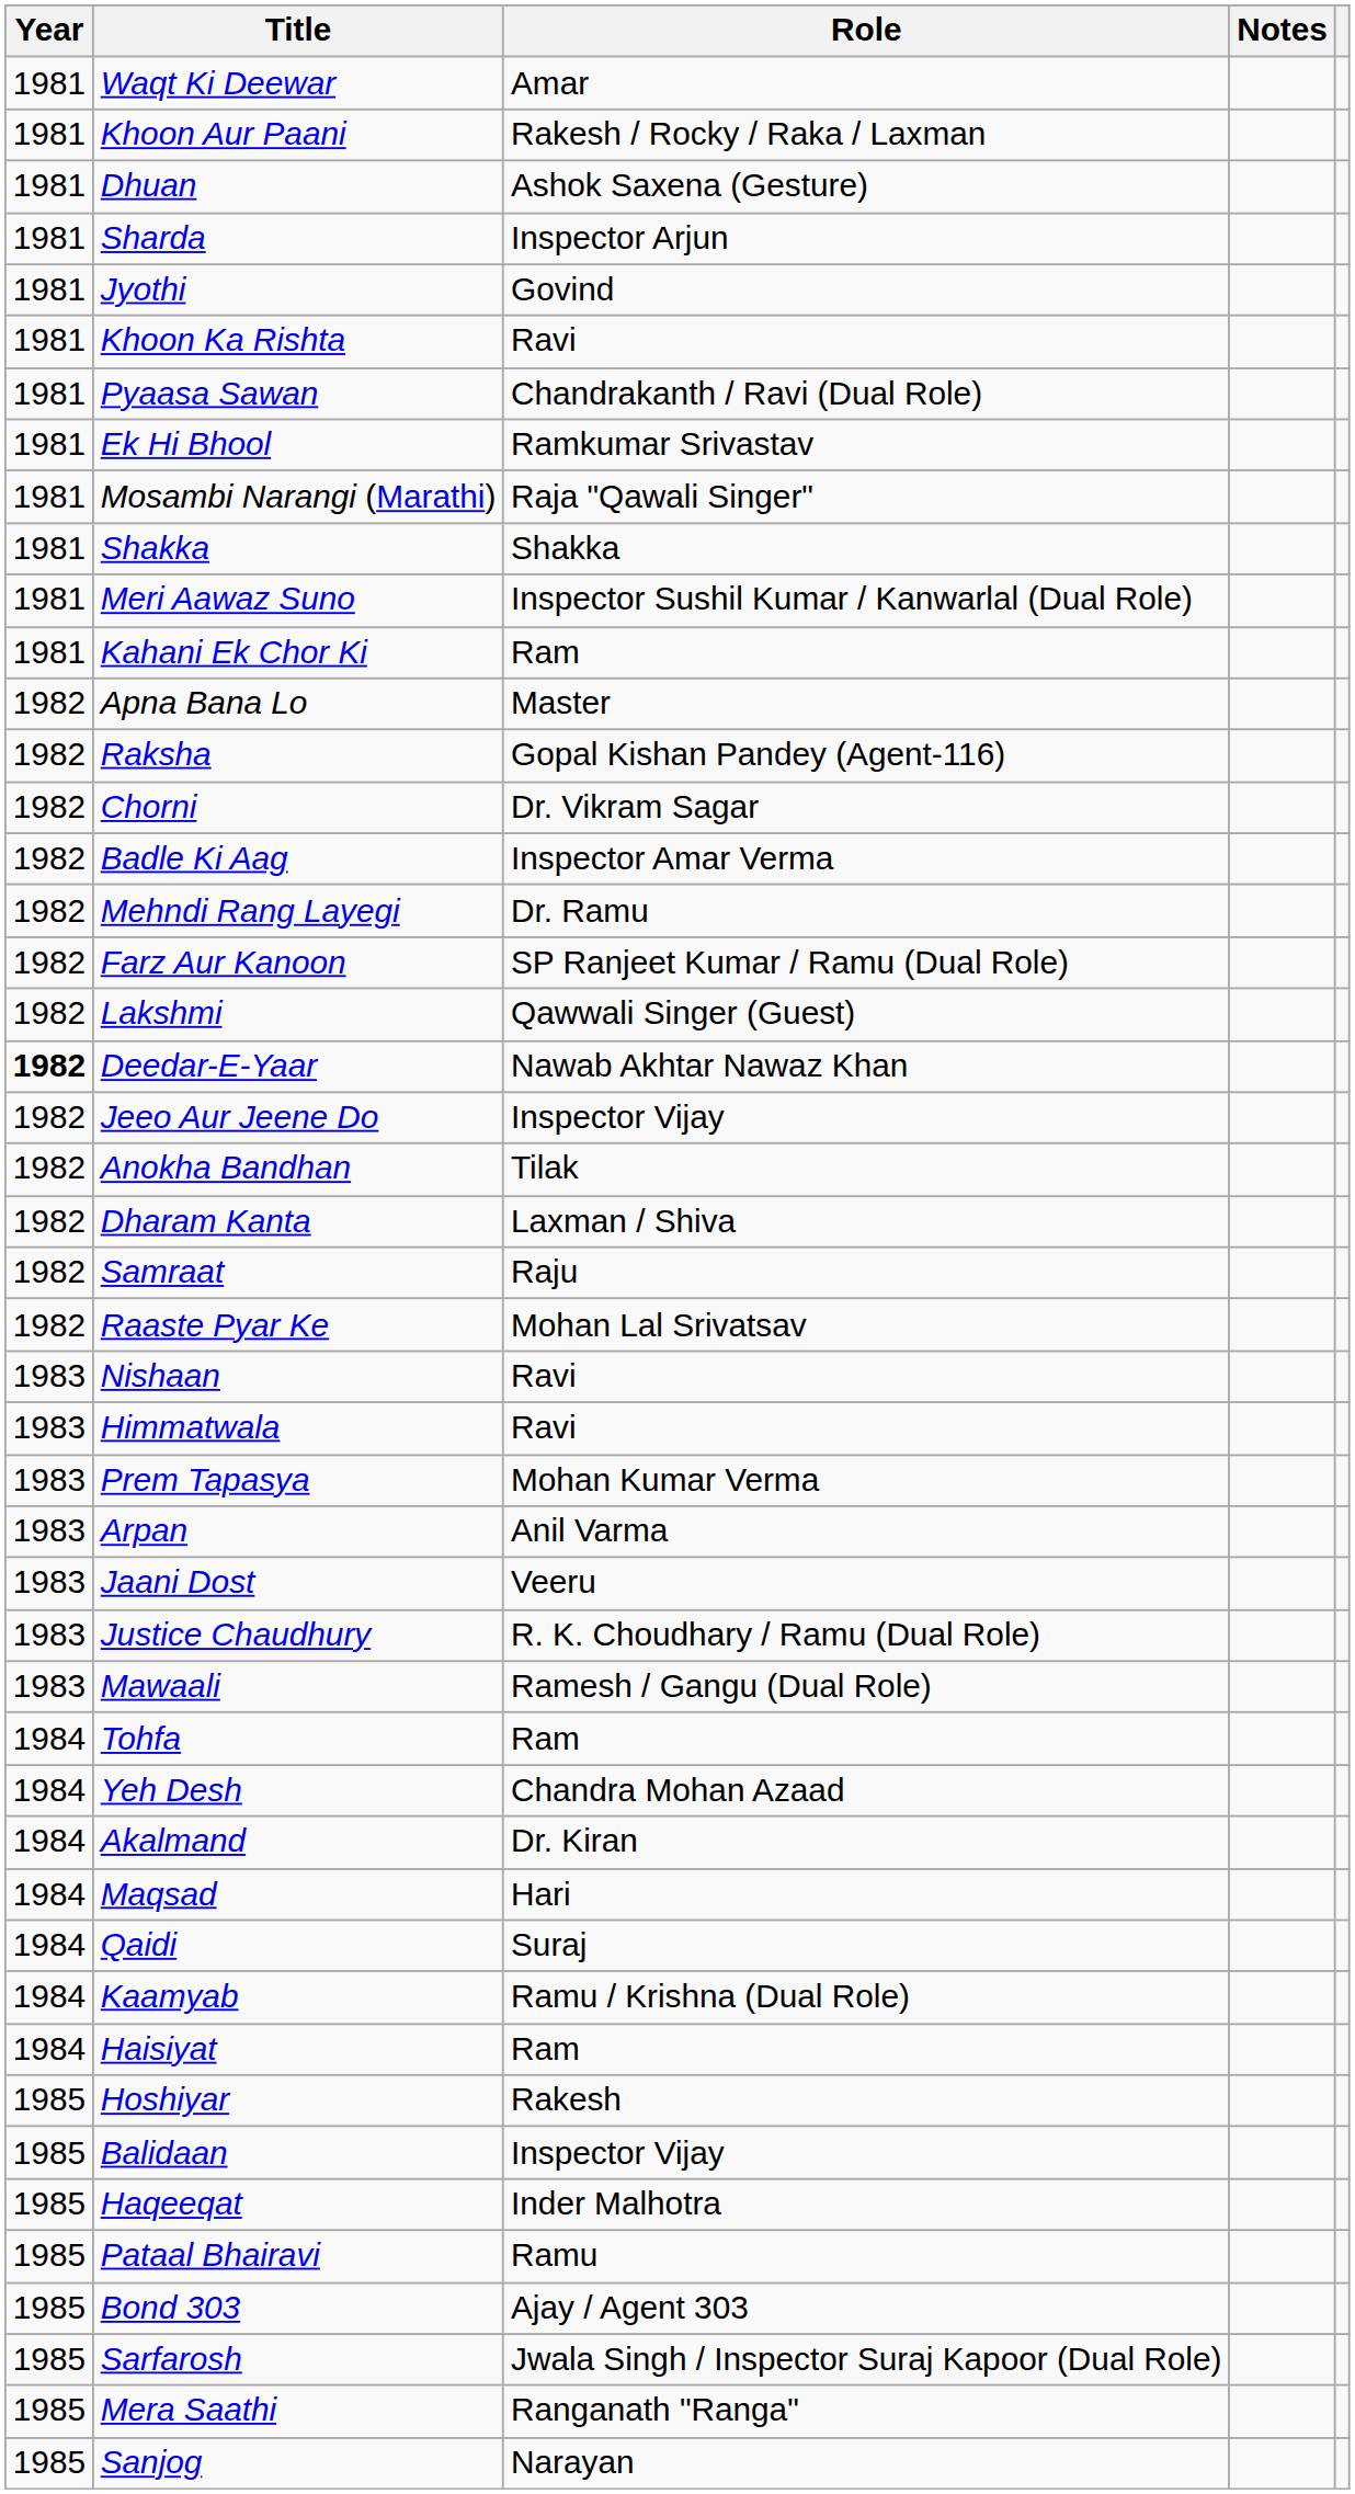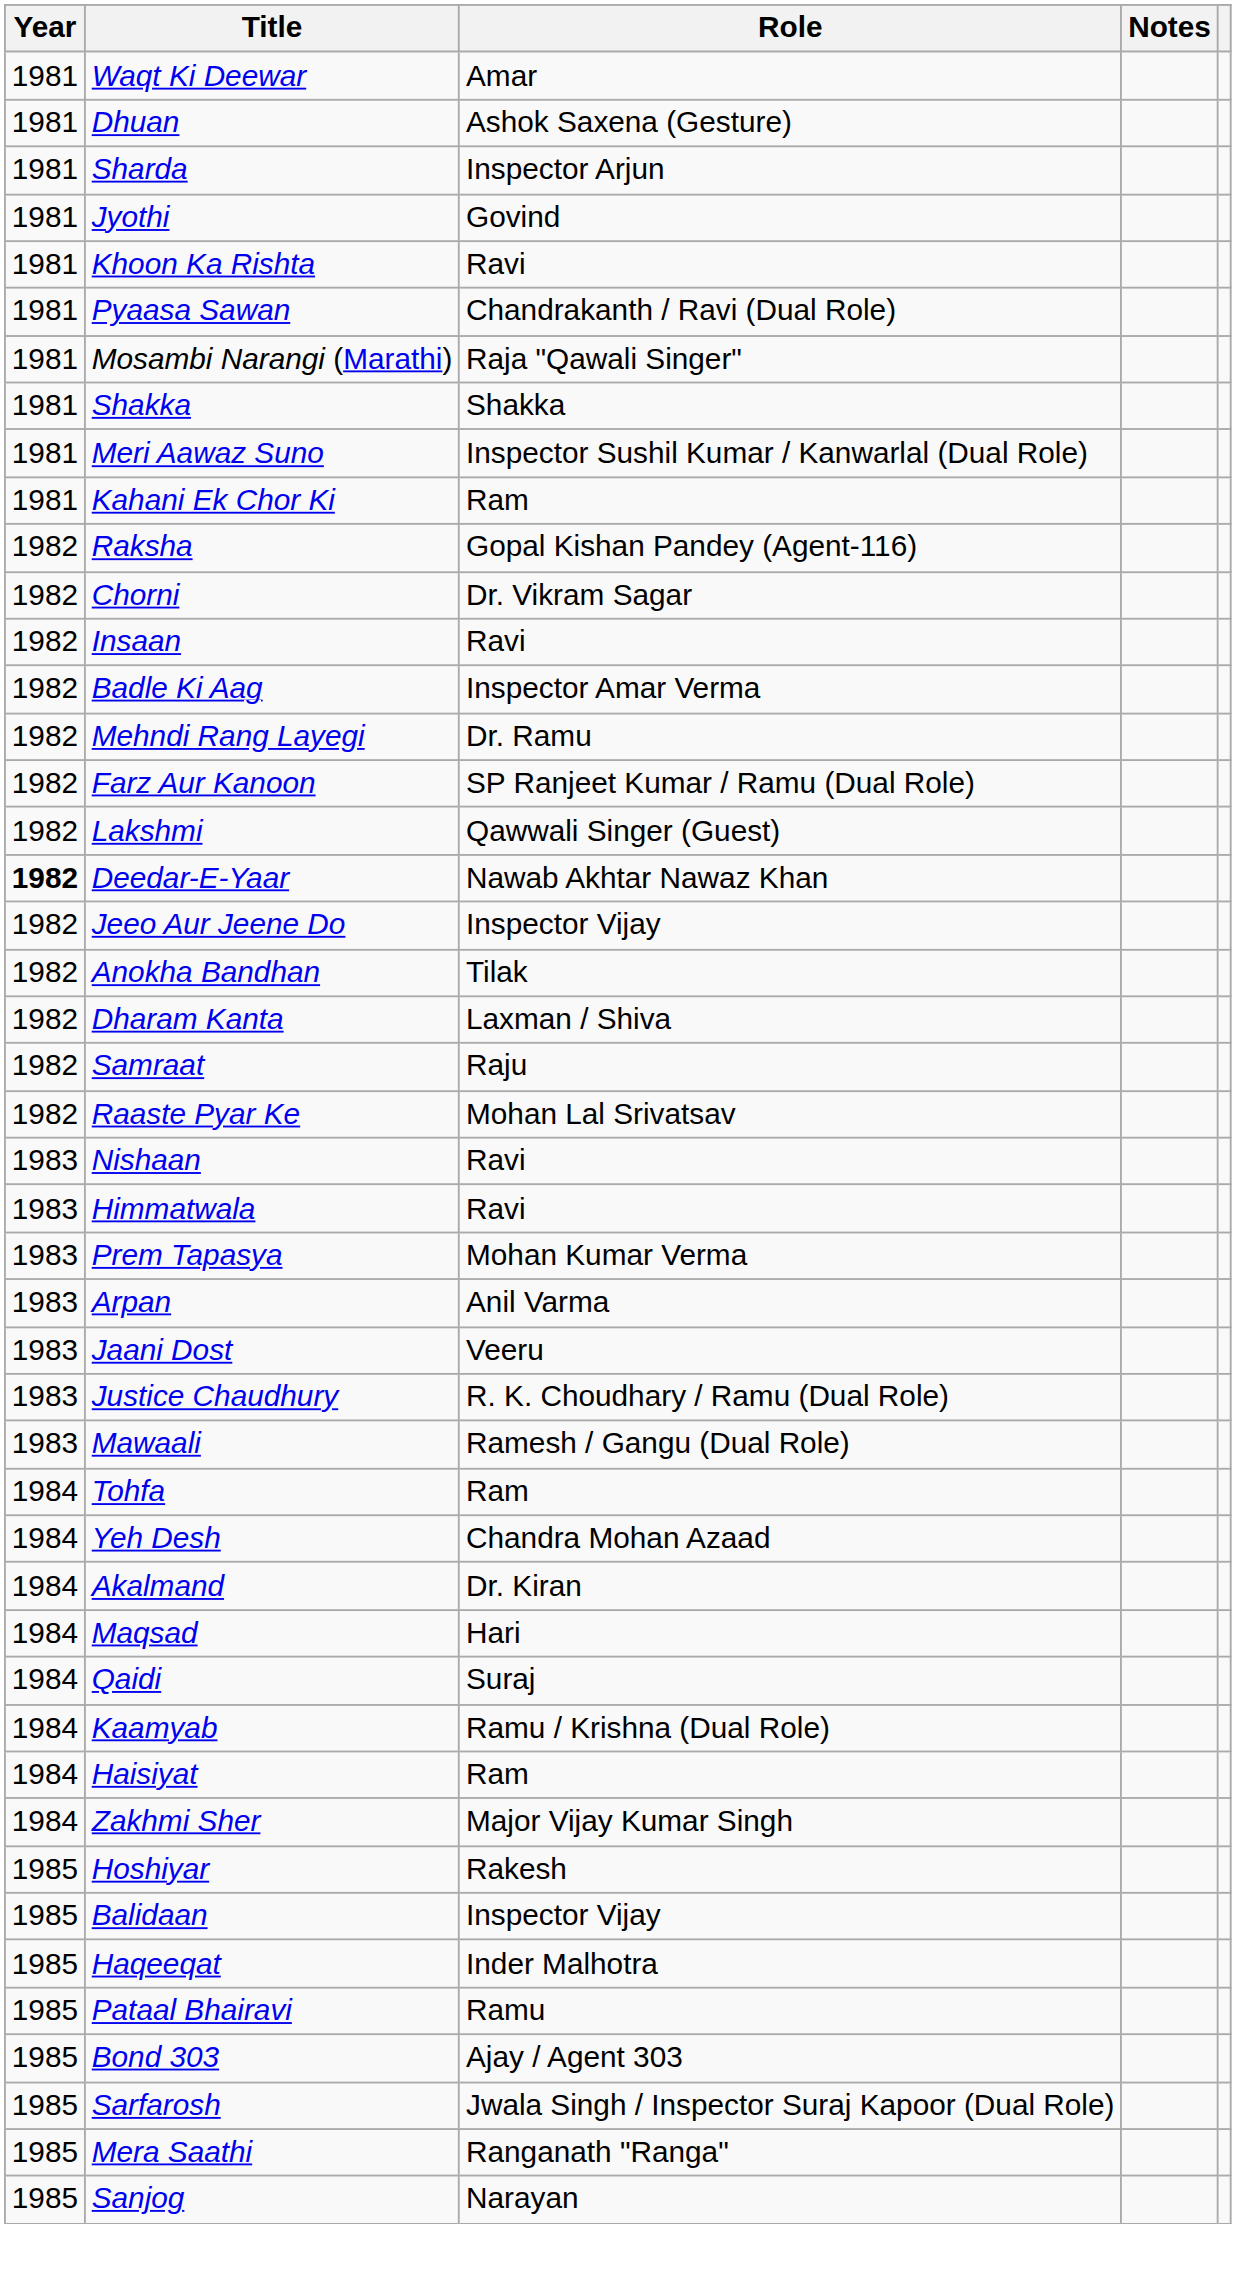 <table class="wikitable sortable">
 <tr style="background:#ccc; align:center,">
 <th>Year</th>
 <th>Title</th>
 <th>Role</th>
 <th>Notes</th>
 <th></th>
 </tr>
 <tr>
 <td>1981</td>
 <td><em><a href='#'>Waqt Ki Deewar</a></em></td>
 <td>Amar</td>
-<td></td>
-<td></td>
-</tr>
-<tr>
-<td>1981</td>
-<td><em><a href='#'>Khoon Aur Paani</a></em></td>
-<td>Rakesh / Rocky / Raka / Laxman</td>
 <td></td>
 <td></td>
 </tr>
 <tr>
 <td>1981</td>
 <td><em><a href='#'>Dhuan</a></em></td>
 <td>Ashok Saxena (Gesture)</td>
 <td></td>
 <td></td>
 </tr>
 <tr>
 <td>1981</td>
 <td><em><a href='#'>Sharda</a></em></td>
 <td>Inspector Arjun</td>
 <td></td>
 <td></td>
 </tr>
 <tr>
 <td>1981</td>
 <td><em><a href='#'>Jyothi</a></em></td>
 <td>Govind</td>
 <td></td>
 <td></td>
 </tr>
 <tr>
 <td>1981</td>
 <td><em><a href='#'>Khoon Ka Rishta</a></em></td>
 <td>Ravi</td>
 <td></td>
 <td></td>
 </tr>
 <tr>
 <td>1981</td>
 <td><em><a href='#'>Pyaasa Sawan</a></em></td>
 <td>Chandrakanth / Ravi (Dual Role)</td>
 <td></td>
 <td></td>
 </tr>
 <tr>
 <td>1981</td>
-<td><em><a href='#'>Ek Hi Bhool</a></em></td>
-<td>Ramkumar Srivastav</td>
-<td></td>
-<td></td>
-</tr>
-<tr>
-<td>1981</td>
 <td><em>Mosambi Narangi</em> (<a href='#'>Marathi</a>)</td>
 <td>Raja "Qawali Singer"</td>
 <td></td>
 <td></td>
 </tr>
 <tr>
 <td>1981</td>
 <td><em><a href='#'>Shakka</a></em></td>
 <td>Shakka</td>
 <td></td>
 <td></td>
 </tr>
 <tr>
 <td>1981</td>
 <td><em><a href='#'>Meri Aawaz Suno</a></em></td>
 <td>Inspector Sushil Kumar / Kanwarlal (Dual Role)</td>
 <td></td>
 <td></td>
 </tr>
 <tr>
 <td>1981</td>
 <td><em><a href='#'>Kahani Ek Chor Ki</a></em></td>
 <td>Ram</td>
 <td></td>
 <td></td>
 </tr>
 <tr>
 <td>1982</td>
-<td><em>Apna Bana Lo</em></td>
-<td>Master</td>
-<td></td>
-<td></td>
-</tr>
-<tr>
-<td>1982</td>
 <td><em><a href='#'>Raksha</a></em></td>
 <td>Gopal Kishan Pandey (Agent-116)</td>
 <td></td>
 <td></td>
 </tr>
 <tr>
 <td>1982</td>
 <td><em><a href='#'>Chorni</a></em></td>
 <td>Dr. Vikram Sagar</td>
+<td></td>
+<td></td>
+</tr>
+<tr>
+<td>1982</td>
+<td><em><a href='#'>Insaan</a></em></td>
+<td>Ravi</td>
 <td></td>
 <td></td>
 </tr>
 <tr>
 <td>1982</td>
 <td><em><a href='#'>Badle Ki Aag</a></em></td>
 <td>Inspector Amar Verma</td>
 <td></td>
 <td></td>
 </tr>
 <tr>
 <td>1982</td>
 <td><em><a href='#'>Mehndi Rang Layegi</a></em></td>
 <td>Dr. Ramu</td>
 <td></td>
 <td></td>
 </tr>
 <tr>
 <td>1982</td>
 <td><em><a href='#'>Farz Aur Kanoon</a></em></td>
 <td>SP Ranjeet Kumar / Ramu (Dual Role)</td>
 <td></td>
 <td></td>
 </tr>
 <tr>
 <td>1982</td>
 <td><em><a href='#'>Lakshmi</a></em></td>
 <td>Qawwali Singer (Guest)</td>
 <td></td>
 <td></td>
 </tr>
 <tr>
 <td><strong>1982</strong></td>
 <td><em><a href='#'>Deedar-E-Yaar</a></em></td>
 <td>Nawab Akhtar Nawaz Khan</td>
 <td></td>
 <td></td>
 </tr>
 <tr>
 <td>1982</td>
 <td><em><a href='#'>Jeeo Aur Jeene Do</a></em></td>
 <td>Inspector Vijay</td>
 <td></td>
 <td></td>
 </tr>
 <tr>
 <td>1982</td>
 <td><em><a href='#'>Anokha Bandhan</a></em></td>
 <td>Tilak</td>
 <td></td>
 <td></td>
 </tr>
 <tr>
 <td>1982</td>
 <td><em><a href='#'>Dharam Kanta</a></em></td>
 <td>Laxman / Shiva</td>
 <td></td>
 <td></td>
 </tr>
 <tr>
 <td>1982</td>
 <td><em><a href='#'>Samraat</a></em></td>
 <td>Raju</td>
 <td></td>
 <td></td>
 </tr>
 <tr>
 <td>1982</td>
 <td><em><a href='#'>Raaste Pyar Ke</a></em></td>
 <td>Mohan Lal Srivatsav</td>
 <td></td>
 <td></td>
 </tr>
 <tr>
 <td>1983</td>
 <td><em><a href='#'>Nishaan</a></em></td>
 <td>Ravi</td>
 <td></td>
 <td></td>
 </tr>
 <tr>
 <td>1983</td>
 <td><em><a href='#'>Himmatwala</a></em></td>
 <td>Ravi</td>
 <td></td>
 <td></td>
 </tr>
 <tr>
 <td>1983</td>
 <td><em><a href='#'>Prem Tapasya</a></em></td>
 <td>Mohan Kumar Verma</td>
 <td></td>
 <td></td>
 </tr>
 <tr>
 <td>1983</td>
 <td><em><a href='#'>Arpan</a></em></td>
 <td>Anil Varma</td>
 <td></td>
 <td></td>
 </tr>
 <tr>
 <td>1983</td>
 <td><em><a href='#'>Jaani Dost</a></em></td>
 <td>Veeru</td>
 <td></td>
 <td></td>
 </tr>
 <tr>
 <td>1983</td>
 <td><em><a href='#'>Justice Chaudhury</a></em></td>
 <td>R. K. Choudhary / Ramu (Dual Role)</td>
 <td></td>
 <td></td>
 </tr>
 <tr>
 <td>1983</td>
 <td><em><a href='#'>Mawaali</a></em></td>
 <td>Ramesh / Gangu (Dual Role)</td>
 <td></td>
 <td></td>
 </tr>
 <tr>
 <td>1984</td>
 <td><em><a href='#'>Tohfa</a></em></td>
 <td>Ram</td>
 <td></td>
 <td></td>
 </tr>
 <tr>
 <td>1984</td>
 <td><em><a href='#'>Yeh Desh</a></em></td>
 <td>Chandra Mohan Azaad</td>
 <td></td>
 <td></td>
 </tr>
 <tr>
 <td>1984</td>
 <td><em><a href='#'>Akalmand</a></em></td>
 <td>Dr. Kiran</td>
 <td></td>
 <td></td>
 </tr>
 <tr>
 <td>1984</td>
 <td><em><a href='#'>Maqsad</a></em></td>
 <td>Hari</td>
 <td></td>
 <td></td>
 </tr>
 <tr>
 <td>1984</td>
 <td><em><a href='#'>Qaidi</a></em></td>
 <td>Suraj</td>
 <td></td>
 <td></td>
 </tr>
 <tr>
 <td>1984</td>
 <td><em><a href='#'>Kaamyab</a></em></td>
 <td>Ramu / Krishna (Dual Role)</td>
 <td></td>
 <td></td>
 </tr>
 <tr>
 <td>1984</td>
 <td><em><a href='#'>Haisiyat</a></em></td>
 <td>Ram</td>
 <td></td>
 <td></td>
 </tr>
 <tr>
+<td>1984</td>
+<td><em><a href='#'>Zakhmi Sher</a></em></td>
+<td>Major Vijay Kumar Singh</td>
+<td></td>
+<td></td>
+</tr>
+<tr>
 <td>1985</td>
 <td><em><a href='#'>Hoshiyar</a></em></td>
 <td>Rakesh</td>
 <td></td>
 <td></td>
 </tr>
 <tr>
 <td>1985</td>
 <td><em><a href='#'>Balidaan</a></em></td>
 <td>Inspector Vijay</td>
 <td></td>
 <td></td>
 </tr>
 <tr>
 <td>1985</td>
 <td><em><a href='#'>Haqeeqat</a></em></td>
 <td>Inder Malhotra</td>
 <td></td>
 <td></td>
 </tr>
 <tr>
 <td>1985</td>
 <td><em><a href='#'>Pataal Bhairavi</a></em></td>
 <td>Ramu</td>
 <td></td>
 <td></td>
 </tr>
 <tr>
 <td>1985</td>
 <td><em><a href='#'>Bond 303</a></em></td>
 <td>Ajay / Agent 303</td>
 <td></td>
 <td></td>
 </tr>
 <tr>
 <td>1985</td>
 <td><em><a href='#'>Sarfarosh</a></em></td>
 <td>Jwala Singh / Inspector Suraj Kapoor (Dual Role)</td>
 <td></td>
 <td></td>
 </tr>
 <tr>
 <td>1985</td>
 <td><em><a href='#'>Mera Saathi</a></em></td>
 <td>Ranganath "Ranga"</td>
 <td></td>
 <td></td>
 </tr>
 <tr>
 <td>1985</td>
 <td><em><a href='#'>Sanjog</a></em></td>
 <td>Narayan</td>
 <td></td>
 <td></td>
 </tr>
 </table>
